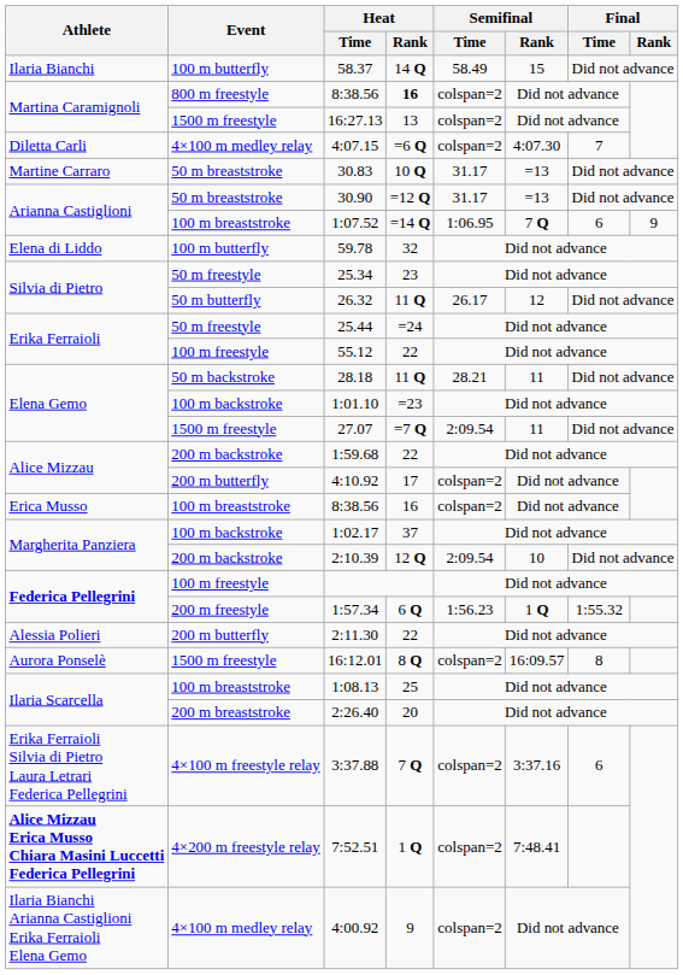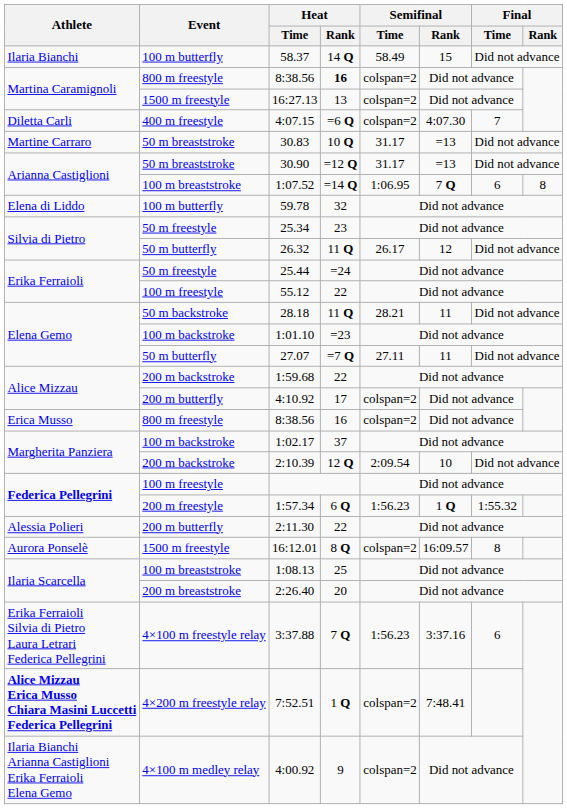 <table class=wikitable style="font-size:90%">
 <tr>
 <th rowspan="2">Athlete</th>
 <th rowspan="2">Event</th>
 <th colspan="2">Heat</th>
 <th colspan="2">Semifinal</th>
 <th colspan="2">Final</th>
 </tr>
 <tr style="font-size:95%">
 <th>Time</th>
 <th>Rank</th>
 <th>Time</th>
 <th>Rank</th>
 <th>Time</th>
 <th>Rank</th>
 </tr>
 <tr align=center>
 <td align=left><a href='#'>Ilaria Bianchi</a></td>
 <td align=left><a href='#'>100 m butterfly</a></td>
 <td>58.37</td>
 <td>14 <strong>Q</strong></td>
 <td>58.49</td>
 <td>15</td>
 <td colspan=2>Did not advance</td>
 </tr>
 <tr align=center>
 <td align=left rowspan=2><a href='#'>Martina Caramignoli</a></td>
 <td align=left><a href='#'>800 m freestyle</a></td>
 <td>8:38.56</td>
 <td><strong>16</strong></td>
 <td>colspan=2 </td>
 <td colspan=2>Did not advance</td>
 </tr>
 <tr align=center>
 <td align=left><a href='#'>1500 m freestyle</a></td>
 <td>16:27.13</td>
 <td>13</td>
 <td>colspan=2 </td>
 <td colspan=2>Did not advance</td>
 </tr>
 <tr align=center>
 <td align=left><a href='#'>Diletta Carli</a></td>
-<td align=left><a href='#'>4×100 m medley relay</a></td>
+<td align=left><a href='#'>400 m freestyle</a></td>
 <td>4:07.15</td>
 <td>=6 <strong>Q</strong></td>
 <td>colspan=2 </td>
 <td>4:07.30</td>
 <td>7</td>
 </tr>
 <tr align=center>
 <td align=left><a href='#'>Martine Carraro</a></td>
 <td align=left><a href='#'>50 m breaststroke</a></td>
 <td>30.83</td>
 <td>10 <strong>Q</strong></td>
 <td>31.17</td>
 <td>=13</td>
 <td colspan=2>Did not advance</td>
 </tr>
 <tr align=center>
 <td align=left rowspan=2><a href='#'>Arianna Castiglioni</a></td>
 <td align=left><a href='#'>50 m breaststroke</a></td>
 <td>30.90</td>
 <td>=12 <strong>Q</strong></td>
 <td>31.17</td>
 <td>=13</td>
 <td colspan=2>Did not advance</td>
 </tr>
 <tr align=center>
 <td align=left><a href='#'>100 m breaststroke</a></td>
 <td>1:07.52</td>
 <td>=14 <strong>Q</strong></td>
 <td>1:06.95</td>
 <td>7 <strong>Q</strong></td>
 <td>6</td>
-<td>9</td>
+<td>8</td>
 </tr>
 <tr align=center>
 <td align=left><a href='#'>Elena di Liddo</a></td>
 <td align=left><a href='#'>100 m butterfly</a></td>
 <td>59.78</td>
 <td>32</td>
 <td colspan=4>Did not advance</td>
 </tr>
 <tr align=center>
 <td align=left rowspan=2><a href='#'>Silvia di Pietro</a></td>
 <td align=left><a href='#'>50 m freestyle</a></td>
 <td>25.34</td>
 <td>23</td>
 <td colspan=4>Did not advance</td>
 </tr>
 <tr align=center>
 <td align=left><a href='#'>50 m butterfly</a></td>
 <td>26.32</td>
 <td>11 <strong>Q</strong></td>
 <td>26.17</td>
 <td>12</td>
 <td colspan=2>Did not advance</td>
 </tr>
 <tr align=center>
 <td align=left rowspan=2><a href='#'>Erika Ferraioli</a></td>
 <td align=left><a href='#'>50 m freestyle</a></td>
 <td>25.44</td>
 <td>=24</td>
 <td colspan=4>Did not advance</td>
 </tr>
 <tr align=center>
 <td align=left><a href='#'>100 m freestyle</a></td>
 <td>55.12</td>
 <td>22</td>
 <td colspan=4>Did not advance</td>
 </tr>
 <tr align=center>
 <td align=left rowspan=3><a href='#'>Elena Gemo</a></td>
 <td align=left><a href='#'>50 m backstroke</a></td>
 <td>28.18</td>
 <td>11 <strong>Q</strong></td>
 <td>28.21</td>
 <td>11</td>
 <td colspan=2>Did not advance</td>
 </tr>
 <tr align=center>
 <td align=left><a href='#'>100 m backstroke</a></td>
 <td>1:01.10</td>
 <td>=23</td>
 <td colspan=4>Did not advance</td>
 </tr>
 <tr align=center>
-<td align=left><a href='#'>1500 m freestyle</a></td>
+<td align=left><a href='#'>50 m butterfly</a></td>
 <td>27.07</td>
 <td>=7 <strong>Q</strong></td>
-<td>2:09.54</td>
+<td>27.11</td>
 <td>11</td>
 <td colspan=2>Did not advance</td>
 </tr>
 <tr align=center>
 <td align=left rowspan=2><a href='#'>Alice Mizzau</a></td>
 <td align=left><a href='#'>200 m backstroke</a></td>
 <td>1:59.68</td>
 <td>22</td>
 <td colspan=4>Did not advance</td>
 </tr>
 <tr align=center>
 <td align=left><a href='#'>200 m butterfly</a></td>
 <td>4:10.92</td>
 <td>17</td>
 <td>colspan=2 </td>
 <td colspan=2>Did not advance</td>
 </tr>
 <tr align=center>
 <td align=left><a href='#'>Erica Musso</a></td>
-<td align=left><a href='#'>100 m breaststroke</a></td>
+<td align=left><a href='#'>800 m freestyle</a></td>
 <td>8:38.56</td>
 <td>16</td>
 <td>colspan=2 </td>
 <td colspan=2>Did not advance</td>
 </tr>
 <tr align=center>
 <td align=left rowspan=2><a href='#'>Margherita Panziera</a></td>
 <td align=left><a href='#'>100 m backstroke</a></td>
 <td>1:02.17</td>
 <td>37</td>
 <td colspan=4>Did not advance</td>
 </tr>
 <tr align=center>
 <td align=left><a href='#'>200 m backstroke</a></td>
 <td>2:10.39</td>
 <td>12 <strong>Q</strong></td>
 <td>2:09.54</td>
 <td>10</td>
 <td colspan=2>Did not advance</td>
 </tr>
 <tr align=center>
 <td align=left rowspan=2><strong><a href='#'>Federica Pellegrini</a></strong></td>
 <td align=left><a href='#'>100 m freestyle</a></td>
 <td colspan=2></td>
 <td colspan=4>Did not advance</td>
 </tr>
 <tr align=center>
 <td align=left><a href='#'>200 m freestyle</a></td>
 <td>1:57.34</td>
 <td>6 <strong>Q</strong></td>
 <td>1:56.23</td>
 <td>1 <strong>Q</strong></td>
 <td>1:55.32</td>
 <td></td>
 </tr>
 <tr align=center>
 <td align=left><a href='#'>Alessia Polieri</a></td>
 <td align=left><a href='#'>200 m butterfly</a></td>
 <td>2:11.30</td>
 <td>22</td>
 <td colspan=4>Did not advance</td>
 </tr>
 <tr align=center>
 <td align=left><a href='#'>Aurora Ponselè</a></td>
 <td align=left><a href='#'>1500 m freestyle</a></td>
 <td>16:12.01</td>
 <td>8 <strong>Q</strong></td>
 <td>colspan=2 </td>
 <td>16:09.57</td>
 <td>8</td>
 </tr>
 <tr align=center>
 <td align=left rowspan=2><a href='#'>Ilaria Scarcella</a></td>
 <td align=left><a href='#'>100 m breaststroke</a></td>
 <td>1:08.13</td>
 <td>25</td>
 <td colspan=4>Did not advance</td>
 </tr>
 <tr align=center>
 <td align=left><a href='#'>200 m breaststroke</a></td>
 <td>2:26.40</td>
 <td>20</td>
 <td colspan=4>Did not advance</td>
 </tr>
 <tr align=center>
 <td align=left><a href='#'>Erika Ferraioli</a><br><a href='#'>Silvia di Pietro</a><br><a href='#'>Laura Letrari</a><br><a href='#'>Federica Pellegrini</a></td>
 <td align=left><a href='#'>4×100 m freestyle relay</a></td>
 <td>3:37.88</td>
 <td>7 <strong>Q</strong></td>
-<td>colspan=2 </td>
+<td>1:56.23</td>
 <td>3:37.16</td>
 <td>6</td>
 </tr>
 <tr align=center>
 <td align=left><strong><a href='#'>Alice Mizzau</a><br><a href='#'>Erica Musso</a><br><a href='#'>Chiara Masini Luccetti</a><br><a href='#'>Federica Pellegrini</a></strong></td>
 <td align=left><a href='#'>4×200 m freestyle relay</a></td>
 <td>7:52.51</td>
 <td>1 <strong>Q</strong></td>
 <td>colspan=2 </td>
 <td>7:48.41</td>
 <td></td>
 </tr>
 <tr align=center>
 <td align=left><a href='#'>Ilaria Bianchi</a><br><a href='#'>Arianna Castiglioni</a><br><a href='#'>Erika Ferraioli</a><br><a href='#'>Elena Gemo</a></td>
 <td align=left><a href='#'>4×100 m medley relay</a></td>
 <td>4:00.92</td>
 <td>9</td>
 <td>colspan=2 </td>
 <td colspan=2>Did not advance</td>
 </tr>
 </table>
